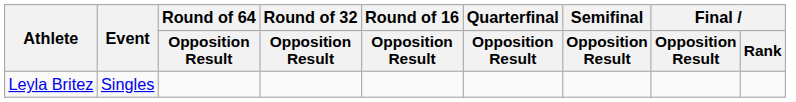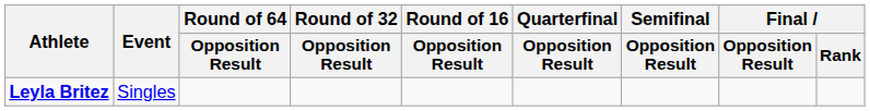 <table class=wikitable style=font-size:90%;text-align:center>
 <tr>
 <th rowspan=2>Athlete</th>
 <th rowspan=2>Event</th>
 <th>Round of 64</th>
 <th>Round of 32</th>
 <th>Round of 16</th>
 <th>Quarterfinal</th>
 <th>Semifinal</th>
 <th colspan=2>Final / </th>
 </tr>
 <tr style=font-size:95%>
 <th>Opposition<br>Result</th>
 <th>Opposition<br>Result</th>
 <th>Opposition<br>Result</th>
 <th>Opposition<br>Result</th>
 <th>Opposition<br>Result</th>
 <th>Opposition<br>Result</th>
 <th>Rank</th>
 </tr>
 <tr>
-<td align=left><a href='#'>Leyla Britez</a></td>
+<td align=left><strong><a href='#'>Leyla Britez</a></strong></td>
 <td align=left rowspan=2><a href='#'>Singles</a></td>
 <td></td>
 <td></td>
 <td></td>
 <td></td>
 <td></td>
 <td></td>
 <td></td>
 </tr>
 </table>
